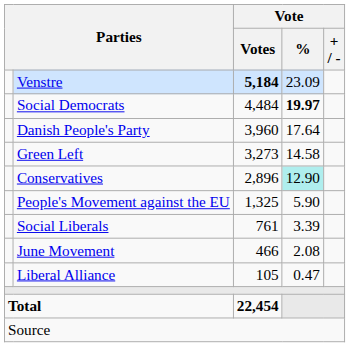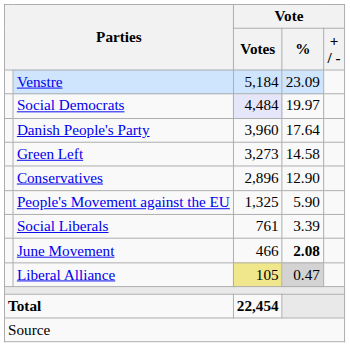 <table class="wikitable" style="text-align:right;">
 <tr>
 <th style="text-align:centre;" rowspan="2" colspan="2" width="225">Parties</th>
 <th colspan="3">Vote</th>
 </tr>
 <tr>
 <th width="15">Votes</th>
 <th width="15">%</th>
 <th width="15">+ / -</th>
 </tr>
 <tr>
 <td width="2" style="color:inherit;background:"></td>
 <td bgcolor=#cfe5fe   align="left"><a href='#'>Venstre</a></td>
-<td bgcolor=#cfe5fe><strong>5,184</strong></td>
+<td bgcolor=#cfe5fe>5,184</td>
 <td bgcolor=#cfe5fe>23.09</td>
 <td></td>
 </tr>
 <tr>
 <td width="2" style="color:inherit;background:"></td>
 <td align="left"><a href='#'>Social Democrats</a></td>
-<td>4,484</td>
-<td><strong>19.97</strong></td>
+<td style="background: lavender;">4,484</td>
+<td>19.97</td>
 <td></td>
 </tr>
 <tr>
 <td width="2" style="color:inherit;background:"></td>
 <td align="left"><a href='#'>Danish People's Party</a></td>
 <td>3,960</td>
 <td>17.64</td>
 <td></td>
 </tr>
 <tr>
 <td width="2" style="color:inherit;background:"></td>
 <td align="left"><a href='#'>Green Left</a></td>
 <td>3,273</td>
 <td>14.58</td>
 <td></td>
 </tr>
 <tr>
 <td width="2" style="color:inherit;background:"></td>
 <td align="left"><a href='#'>Conservatives</a></td>
 <td>2,896</td>
-<td style="background: paleturquoise;">12.90</td>
+<td>12.90</td>
 <td></td>
 </tr>
 <tr>
 <td width="2" style="color:inherit;background:"></td>
 <td align="left"><a href='#'>People's Movement against the EU</a></td>
 <td>1,325</td>
 <td>5.90</td>
 <td></td>
 </tr>
 <tr>
 <td width="2" style="color:inherit;background:"></td>
 <td align="left"><a href='#'>Social Liberals</a></td>
 <td>761</td>
 <td>3.39</td>
 <td></td>
 </tr>
 <tr>
 <td width="2" style="color:inherit;background:"></td>
 <td align="left"><a href='#'>June Movement</a></td>
 <td>466</td>
-<td>2.08</td>
+<td><strong>2.08</strong></td>
 <td></td>
 </tr>
 <tr>
 <td width="2" style="color:inherit;background:"></td>
 <td align="left"><a href='#'>Liberal Alliance</a></td>
-<td>105</td>
-<td>0.47</td>
+<td style="background: khaki;">105</td>
+<td style="background: lightgrey;">0.47</td>
 <td></td>
 </tr>
 <tr>
 <td colspan="7" bgcolor="#E9E9E9"></td>
 </tr>
 <tr>
 <td align="left" colspan="2"><strong>Total</strong></td>
 <td><strong>22,454</strong></td>
 <td bgcolor="#E9E9E9" colspan="2"></td>
 </tr>
 <tr>
 <td align="left" colspan="6">Source</td>
 </tr>
 </table>
